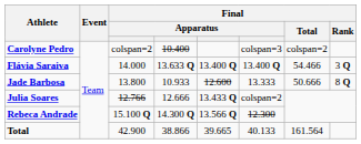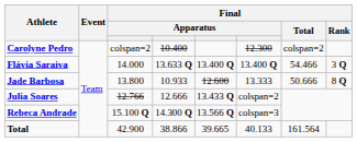 <table class="wikitable" style="font-size:90%">
 <tr>
 <th rowspan=3>Athlete</th>
 <th rowspan=3>Event</th>
 <th colspan=6>Final</th>
 </tr>
 <tr style="font-size:95%">
 <th colspan=4>Apparatus</th>
 <th rowspan=2>Total</th>
 <th rowspan=2>Rank</th>
 </tr>
 <tr style="font-size:95%">
 <th></th>
 <th></th>
 <th></th>
 <th></th>
 </tr>
 <tr align=center>
 <td align=left><strong><a href='#'>Carolyne Pedro</a></strong></td>
 <td style="text-align:left;" rowspan="6"><a href='#'>Team</a></td>
 <td>colspan=2 </td>
 <td><s>10.400</s></td>
 <td></td>
-<td>colspan=3 </td>
+<td><s>12.300</s></td>
 <td>colspan=2 </td>
 </tr>
 <tr align=center>
 <td align=left><strong><a href='#'>Flávia Saraiva</a></strong></td>
 <td>14.000</td>
 <td>13.633 <strong>Q</strong></td>
 <td>13.400 <strong>Q</strong></td>
 <td>13.400 <strong>Q</strong></td>
 <td>54.466</td>
 <td>3 <strong>Q</strong></td>
 </tr>
 <tr align=center>
 <td align=left><strong><a href='#'>Jade Barbosa</a></strong></td>
 <td>13.800</td>
 <td>10.933</td>
 <td><s>12.600</s></td>
 <td>13.333</td>
 <td>50.666</td>
 <td>8 <strong>Q</strong></td>
 </tr>
 <tr align=center>
 <td align=left><strong><a href='#'>Julia Soares</a></strong></td>
 <td><s>12.766</s></td>
 <td>12.666</td>
 <td>13.433 <strong>Q</strong></td>
 <td>colspan=2 </td>
 </tr>
 <tr align=center>
 <td align=left><strong><a href='#'>Rebeca Andrade</a></strong></td>
 <td>15.100 <strong>Q</strong></td>
 <td>14.300 <strong>Q</strong></td>
 <td>13.566 <strong>Q</strong></td>
-<td><s>12.300</s></td>
+<td>colspan=3 </td>
 </tr>
 <tr align=center>
 <td align=left><strong>Total</strong></td>
 <td>42.900</td>
 <td>38.866</td>
 <td>39.665</td>
 <td>40.133</td>
 <td>161.564</td>
 <td></td>
 </tr>
 </table>
